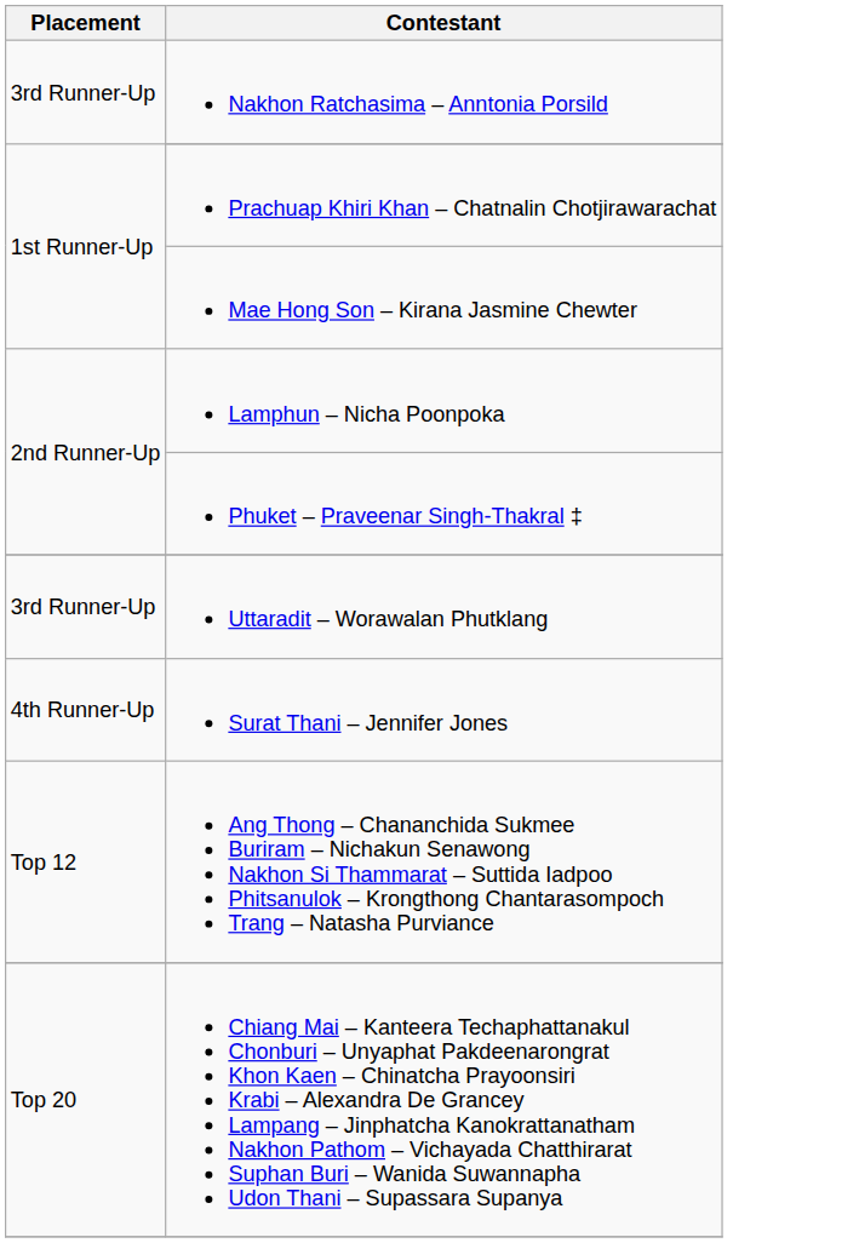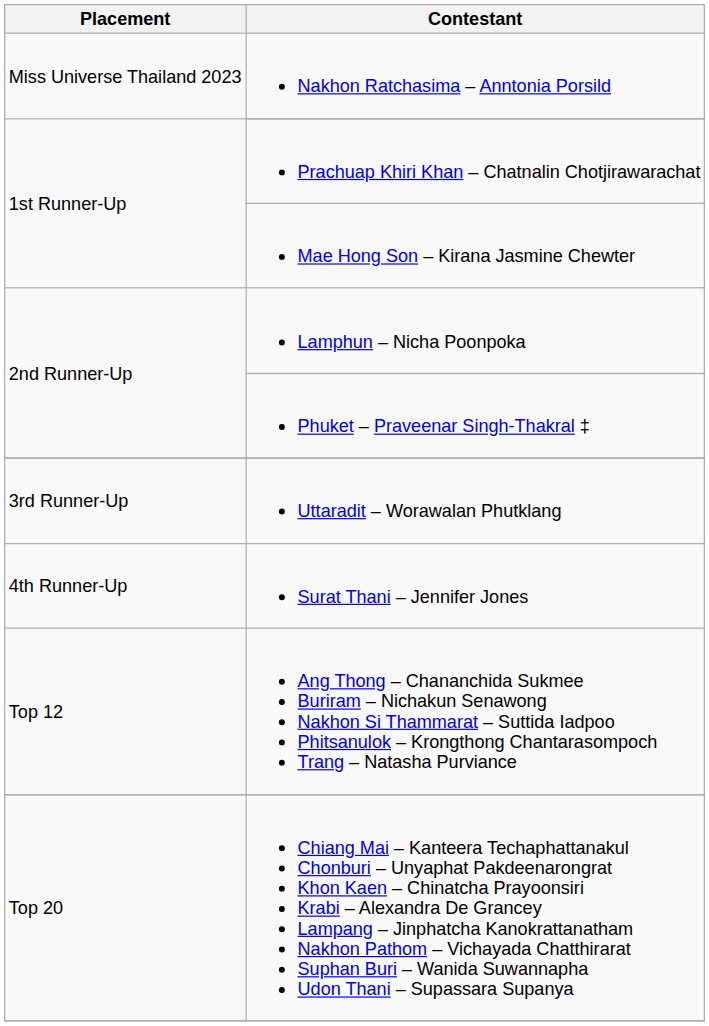 <table class="wikitable" style="font-size: 95%;">
 <tr>
 <th>Placement</th>
 <th>Contestant</th>
 </tr>
 <tr>
-<td>3rd Runner-Up</td>
+<td>Miss Universe Thailand 2023</td>
 <td><br><ul><li><a href='#'>Nakhon Ratchasima</a> – <a href='#'>Anntonia Porsild</a></li></ul></td>
 </tr>
 <tr>
 <td rowspan="3">1st Runner-Up</td>
 </tr>
 <tr>
 <td><br><ul><li><a href='#'>Prachuap Khiri Khan</a> – Chatnalin Chotjirawarachat </li></ul></td>
 </tr>
 <tr>
 <td><br><ul><li><a href='#'>Mae Hong Son</a> – Kirana Jasmine Chewter </li></ul></td>
 </tr>
 <tr>
 <td rowspan="2">2nd Runner-Up</td>
 <td><br><ul><li><a href='#'>Lamphun</a> – Nicha Poonpoka </li></ul></td>
 </tr>
 <tr>
 <td><br><ul><li><a href='#'>Phuket</a> – <a href='#'> Praveenar Singh-Thakral</a> ‡ </li></ul></td>
 </tr>
 <tr>
 </tr>
 <tr>
 <td>3rd Runner-Up</td>
 <td><br><ul><li><a href='#'>Uttaradit</a> – Worawalan Phutklang</li></ul></td>
 </tr>
 <tr>
 <td>4th Runner-Up</td>
 <td><br><ul><li><a href='#'>Surat Thani</a> – Jennifer Jones</li></ul></td>
 </tr>
 <tr>
 <td>Top 12</td>
 <td><br><ul><li><a href='#'>Ang Thong</a> – Chananchida Sukmee</li><li><a href='#'>Buriram</a> – Nichakun Senawong</li><li><a href='#'>Nakhon Si Thammarat</a> – Suttida Iadpoo</li><li><a href='#'>Phitsanulok</a> – Krongthong Chantarasompoch</li><li><a href='#'>Trang</a> – Natasha Purviance</li></ul></td>
 </tr>
 <tr>
 </tr>
 <tr>
 <td>Top 20</td>
 <td><br><ul><li><a href='#'>Chiang Mai</a> – Kanteera Techaphattanakul</li><li><a href='#'>Chonburi</a> – Unyaphat Pakdeenarongrat</li><li><a href='#'>Khon Kaen</a> – Chinatcha Prayoonsiri</li><li><a href='#'>Krabi</a> – Alexandra De Grancey</li><li><a href='#'>Lampang</a> – Jinphatcha Kanokrattanatham</li><li><a href='#'>Nakhon Pathom</a> – Vichayada Chatthirarat</li><li><a href='#'>Suphan Buri</a> – Wanida Suwannapha</li><li><a href='#'>Udon Thani</a> – Supassara Supanya</li></ul></td>
 </tr>
 <tr>
 </tr>
 </table>
